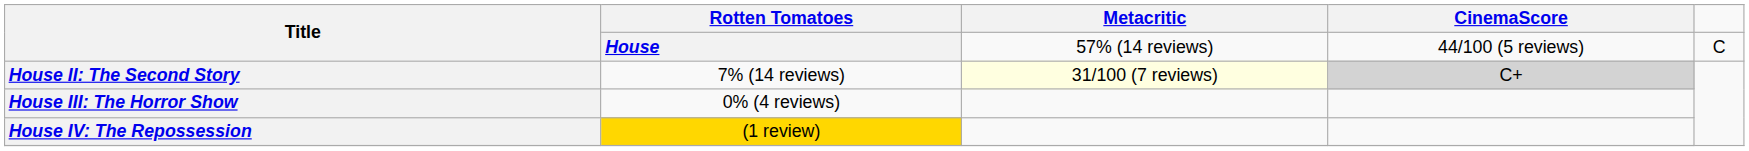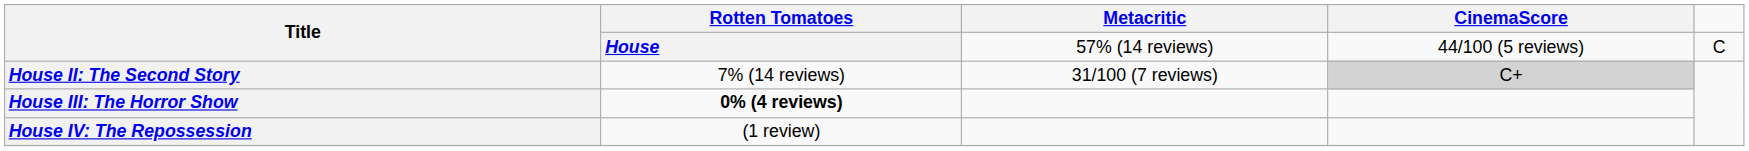 <table class="wikitable sortable" width=99% border="1" style="text-align: center;">
 <tr>
 <th rowspan="2">Title</th>
 <th><a href='#'>Rotten Tomatoes</a></th>
 <th><a href='#'>Metacritic</a></th>
 <th><a href='#'>CinemaScore</a></th>
 </tr>
 <tr>
 <th style="text-align: left;"><em><a href='#'>House</a></em></th>
 <td>57% (14 reviews)</td>
 <td>44/100 (5 reviews)</td>
 <td>C</td>
 </tr>
 <tr>
 <th style="text-align: left;"><em><a href='#'>House II: The Second Story</a></em></th>
 <td>7% (14 reviews)</td>
-<td style="background: lightyellow;">31/100 (7 reviews)</td>
+<td>31/100 (7 reviews)</td>
 <td style="background: lightgrey;">C+</td>
 </tr>
 <tr>
 <th style="text-align: left;"><em><a href='#'>House III: The Horror Show</a></em></th>
-<td>0% (4 reviews)</td>
+<td><strong>0% (4 reviews)</strong></td>
 <td></td>
 <td></td>
 </tr>
 <tr>
 <th style="text-align: left;"><em><a href='#'>House IV: The Repossession</a></em></th>
-<td style="background: gold;"> (1 review)</td>
+<td> (1 review)</td>
 <td></td>
 <td></td>
 </tr>
 <tr>
 </tr>
 </table>
